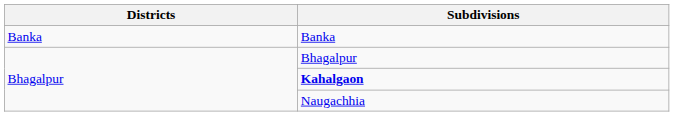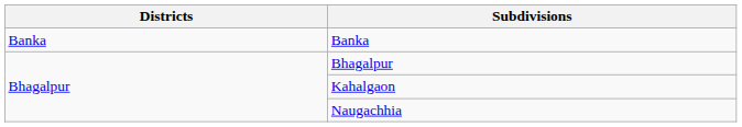 <table class="wikitable sortable" width="50%">
 <tr>
 <th>Districts</th>
 <th>Subdivisions</th>
 </tr>
 <tr>
 <td><a href='#'>Banka</a></td>
 <td><a href='#'>Banka</a></td>
 </tr>
 <tr>
 <td rowspan="3"><a href='#'>Bhagalpur</a></td>
 <td><a href='#'>Bhagalpur</a></td>
 </tr>
 <tr>
-<td><strong><a href='#'>Kahalgaon</a></strong></td>
+<td><a href='#'>Kahalgaon</a></td>
 </tr>
 <tr>
 <td><a href='#'>Naugachhia</a></td>
 </tr>
 </table>
